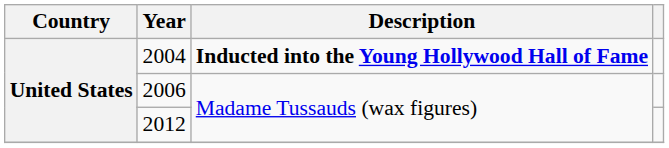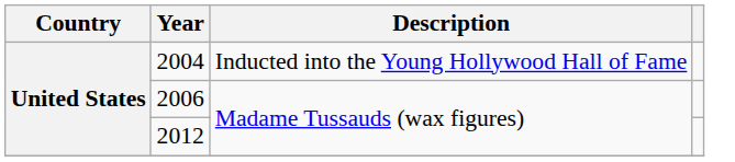 <table class="wikitable sortable plainrowheaders">
 <tr>
 <th scope="col">Country</th>
 <th scope="col">Year</th>
 <th scope="col">Description</th>
 <th scope="col" class="unsortable"></th>
 </tr>
 <tr>
 <th scope="row" rowspan="3">United States</th>
 <td>2004</td>
-<td><strong>Inducted into the <a href='#'>Young Hollywood Hall of Fame</a></strong></td>
+<td>Inducted into the <a href='#'>Young Hollywood Hall of Fame</a></td>
 <td style="text-align:center;"></td>
 </tr>
 <tr>
 <td>2006</td>
 <td rowspan="2"><a href='#'>Madame Tussauds</a> (wax figures)</td>
 <td style="text-align:center;"></td>
 </tr>
 <tr>
 <td>2012</td>
 <td style="text-align:center;"></td>
 </tr>
 <tr>
 </tr>
 </table>
